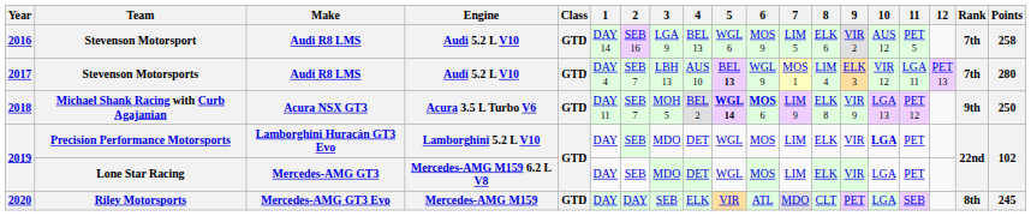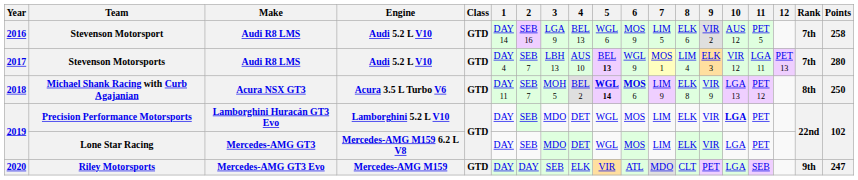 <table class="wikitable" style="text-align:center; font-size:90%">
 <tr>
 <th>Year</th>
 <th>Team</th>
 <th>Make</th>
 <th>Engine</th>
 <th>Class</th>
 <th>1</th>
 <th>2</th>
 <th>3</th>
 <th>4</th>
 <th>5</th>
 <th>6</th>
 <th>7</th>
 <th>8</th>
 <th>9</th>
 <th>10</th>
 <th>11</th>
 <th>12</th>
 <th>Rank</th>
 <th>Points</th>
 </tr>
 <tr>
 <th><a href='#'>2016</a></th>
 <th>Stevenson Motorsport</th>
 <th><a href='#'>Audi R8 LMS</a></th>
 <th><a href='#'>Audi</a> 5.2 L <a href='#'>V10</a></th>
 <th>GTD</th>
 <td style="background:#dfffdf;"><a href='#'>DAY</a><br><small>14</small></td>
 <td style="background:#EFCFFF;"><a href='#'>SEB</a><br><small>16</small></td>
 <td style="background:#DFFFDF;"><a href='#'>LGA</a><br><small>9</small></td>
 <td style="background:#dfffdf;"><a href='#'>BEL</a><br><small>13</small></td>
 <td style="background:#DFFFDF;"><a href='#'>WGL</a><br><small>6</small></td>
 <td style="background:#DFFFDF;"><a href='#'>MOS</a><br><small>9</small></td>
 <td style="background:#DFFFDF;"><a href='#'>LIM</a><br><small>5</small></td>
 <td style="background:#DFFFDF;"><a href='#'>ELK</a><br><small>6</small></td>
 <td style="background:#DFDFDF;"><a href='#'>VIR</a><br><small>2</small></td>
 <td style="background:#dfffdf;"><a href='#'>AUS</a><br><small>12</small></td>
 <td style="background:#DFFFDF;"><a href='#'>PET</a><br><small>5</small></td>
 <td></td>
 <th>7th</th>
 <th>258</th>
 </tr>
 <tr>
 <th><a href='#'>2017</a></th>
 <th>Stevenson Motorsports</th>
 <th><a href='#'>Audi R8 LMS</a></th>
 <th><a href='#'>Audi</a> 5.2 L <a href='#'>V10</a></th>
 <th>GTD</th>
 <td style="background:#DFFFDF;"><a href='#'>DAY</a><br><small>4</small></td>
 <td style="background:#DFFFDF;"><a href='#'>SEB</a><br><small>7</small></td>
 <td style="background:#dfffdf;"><a href='#'>LBH</a><br><small>13</small></td>
 <td style="background:#DFFFDF;"><a href='#'>AUS</a><br><small>10</small></td>
 <td style="background:#EFCFFF;"><a href='#'>BEL</a><br><small><strong>13</strong></small></td>
 <td style="background:#DFFFDF;"><a href='#'>WGL</a><br><small>9</small></td>
 <td style="background:#FFFFBF;"><a href='#'>MOS</a><br><small>1</small></td>
 <td style="background:#DFFFDF;"><a href='#'>LIM</a><br><small>4</small></td>
 <td style="background:#FFDF9F;"><a href='#'>ELK</a><br><small>3</small></td>
 <td style="background:#dfffdf;"><a href='#'>VIR</a><br><small>12</small></td>
 <td style="background:#dfffdf;"><a href='#'>LGA</a><br><small>11</small></td>
 <td style="background:#EFCFFF;"><a href='#'>PET</a><br><small>13</small></td>
 <th>7th</th>
 <th>280</th>
 </tr>
 <tr>
 <th><a href='#'>2018</a></th>
 <th><a href='#'>Michael Shank Racing</a> with <a href='#'>Curb Agajanian</a></th>
 <th><a href='#'>Acura NSX GT3</a></th>
 <th><a href='#'>Acura</a> 3.5 L Turbo <a href='#'>V6</a></th>
 <th>GTD</th>
 <td style="background:#dfffdf;"><a href='#'>DAY</a><br><small>11</small></td>
 <td style="background:#dfffdf;"><a href='#'>SEB</a><br><small>7</small></td>
 <td style="background:#dfffdf;"><a href='#'>MOH</a><br><small>5</small></td>
 <td style="background:#DFDFDF;"><a href='#'>BEL</a><br><small>2</small></td>
 <td style="background:#efcfff;"><strong><a href='#'>WGL</a><br><small>14</small></strong></td>
 <td style="background:#dfffdf;"><strong><a href='#'>MOS</a></strong><br><small>6</small></td>
 <td style="background:#efcfff;"><a href='#'>LIM</a><br><small>9</small></td>
 <td style="background:#dfffdf;"><a href='#'>ELK</a><br><small>8</small></td>
 <td style="background:#dfffdf;"><a href='#'>VIR</a><br><small>9</small></td>
 <td style="background:#efcfff;"><a href='#'>LGA</a><br><small>13</small></td>
 <td style="background:#efcfff;"><a href='#'>PET</a><br><small>12</small></td>
 <td></td>
-<th>9th</th>
+<th>8th</th>
 <th>250</th>
 </tr>
 <tr>
 <th rowspan=2><a href='#'>2019</a></th>
 <th><a href='#'>Precision Performance Motorsports</a></th>
 <th><a href='#'>Lamborghini Huracán GT3 Evo</a></th>
 <th><a href='#'>Lamborghini</a> 5.2 L <a href='#'>V10</a></th>
 <th rowspan=2>GTD</th>
 <td style="background:#;"><a href='#'>DAY</a></td>
 <td style="background:#dfffdf;"><a href='#'>SEB</a><br></td>
 <td style="background:#;"><a href='#'>MDO</a></td>
 <td style="background:#;"><a href='#'>DET</a></td>
 <td style="background:#;"><a href='#'>WGL</a></td>
 <td style="background:#;"><a href='#'>MOS</a></td>
 <td style="background:#;"><a href='#'>LIM</a></td>
 <td style="background:#;"><a href='#'>ELK</a></td>
 <td style="background:#;"><a href='#'>VIR</a></td>
 <td style="background:#;"><strong><a href='#'>LGA</a></strong></td>
 <td style="background:#;"><a href='#'>PET</a></td>
 <td></td>
 <th rowspan=2>22nd</th>
 <th rowspan=2>102</th>
 </tr>
 <tr>
 <th>Lone Star Racing</th>
 <th><a href='#'>Mercedes-AMG GT3</a></th>
 <th><a href='#'>Mercedes-AMG M159</a> 6.2 L <a href='#'>V8</a></th>
 <td style="background:#;"><a href='#'>DAY</a></td>
 <td style="background:#;"><a href='#'>SEB</a></td>
 <td style="background:#dfffdf;"><a href='#'>MDO</a><br></td>
 <td style="background:#dfffdf;"><a href='#'>DET</a><br></td>
 <td style="background:#;"><a href='#'>WGL</a></td>
 <td style="background:#dfffdf;"><a href='#'>MOS</a><br></td>
 <td style="background:#;"><a href='#'>LIM</a></td>
 <td style="background:#dfffdf;"><a href='#'>ELK</a><br></td>
 <td style="background:#dfffdf;"><a href='#'>VIR</a><br></td>
 <td style="background:#;"><a href='#'>LGA</a></td>
 <td style="background:#;"><a href='#'>PET</a></td>
 </tr>
 <tr>
 <th><a href='#'>2020</a></th>
 <th><a href='#'>Riley Motorsports</a></th>
 <th><a href='#'>Mercedes-AMG GT3 Evo</a></th>
 <th><a href='#'>Mercedes-AMG M159</a></th>
 <th>GTD</th>
 <td style="background:#DFFFDF;"><a href='#'>DAY</a><br></td>
 <td style="background:#DFFFDF;"><a href='#'>DAY</a><br></td>
 <td style="background:#DFFFDF;"><a href='#'>SEB</a><br></td>
 <td style="background:#DFFFDF;"><a href='#'>ELK</a><br></td>
 <td style="background:#FFDF9F;"><a href='#'>VIR</a><br></td>
 <td style="background:#DFFFDF;"><a href='#'>ATL</a><br></td>
 <td style="background:#DFDFDF;"><a href='#'>MDO</a><br></td>
 <td style="background:#DFFFDF;"><a href='#'>CLT</a><br></td>
 <td style="background:#EFCFFF;"><a href='#'>PET</a><br></td>
 <td style="background:#DFFFDF;"><a href='#'>LGA</a><br></td>
 <td style="background:#EFCFFF;"><a href='#'>SEB</a><br></td>
 <td></td>
-<th>8th</th>
-<th>245</th>
+<th>9th</th>
+<th>247</th>
 </tr>
 </table>
